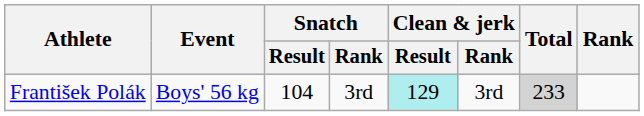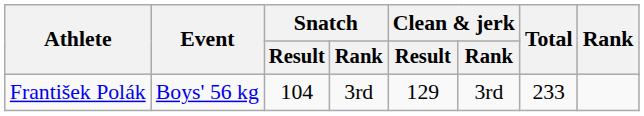 <table class=wikitable style="text-align:center; font-size:90%">
 <tr>
 <th rowspan="2">Athlete</th>
 <th rowspan="2">Event</th>
 <th colspan="2">Snatch</th>
 <th colspan="2">Clean & jerk</th>
 <th rowspan="2">Total</th>
 <th rowspan="2">Rank</th>
 </tr>
 <tr style="font-size:95%">
 <th>Result</th>
 <th>Rank</th>
 <th>Result</th>
 <th>Rank</th>
 </tr>
 <tr>
 <td align=left><a href='#'>František Polák</a></td>
 <td><a href='#'>Boys' 56 kg</a></td>
 <td>104</td>
 <td>3rd</td>
-<td style="background: paleturquoise;">129</td>
+<td>129</td>
 <td>3rd</td>
-<td style="background: lightgrey;">233</td>
+<td>233</td>
 <td></td>
 </tr>
 </table>
